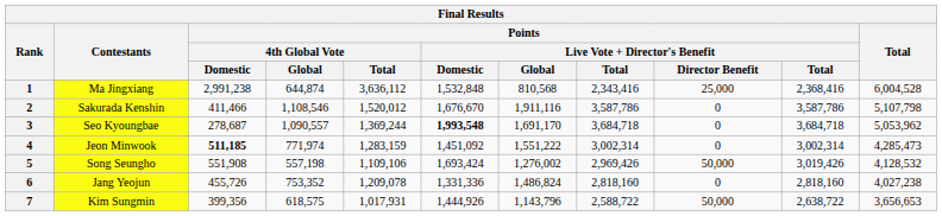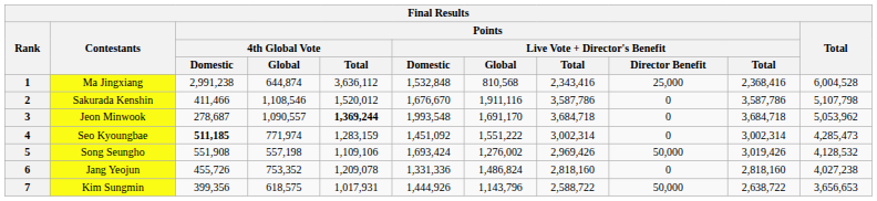 <table class="wikitable sortable mw-collapsible mw-collapsed collapsible" style="text-align:center; width:100%">
 <tr>
 <th colspan="11">Final Results</th>
 </tr>
 <tr>
 <th rowspan="3">Rank</th>
 <th rowspan="3">Contestants</th>
 <th colspan="8">Points</th>
 <th rowspan="3">Total</th>
 </tr>
 <tr>
 <th colspan="3">4th Global Vote</th>
 <th colspan="5">Live Vote + Director's Benefit</th>
 </tr>
 <tr>
 <th>Domestic</th>
 <th>Global</th>
 <th>Total</th>
 <th>Domestic</th>
 <th>Global</th>
 <th>Total</th>
 <th>Director Benefit</th>
 <th>Total</th>
 </tr>
 <tr>
 <th>1</th>
 <td style="background:#fafc15">Ma Jingxiang</td>
 <td>2,991,238</td>
 <td>644,874</td>
 <td>3,636,112</td>
 <td>1,532,848</td>
 <td>810,568</td>
 <td>2,343,416</td>
 <td>25,000</td>
 <td>2,368,416</td>
 <td>6,004,528</td>
 </tr>
 <tr>
 <th>2</th>
 <td style="background:#fafc15">Sakurada Kenshin</td>
 <td>411,466</td>
 <td>1,108,546</td>
 <td>1,520,012</td>
 <td>1,676,670</td>
 <td>1,911,116</td>
 <td>3,587,786</td>
 <td>0</td>
 <td>3,587,786</td>
 <td>5,107,798</td>
 </tr>
 <tr>
 <th>3</th>
-<td style="background:#fafc15">Seo Kyoungbae</td>
+<td style="background:#fafc15">Jeon Minwook</td>
 <td>278,687</td>
 <td>1,090,557</td>
-<td>1,369,244</td>
-<td><strong>1,993,548</strong></td>
+<td><strong>1,369,244</strong></td>
+<td>1,993,548</td>
 <td>1,691,170</td>
 <td>3,684,718</td>
 <td>0</td>
 <td>3,684,718</td>
 <td>5,053,962</td>
 </tr>
 <tr>
 <th>4</th>
-<td style="background:#fafc15">Jeon Minwook</td>
+<td style="background:#fafc15">Seo Kyoungbae</td>
 <td><strong>511,185</strong></td>
 <td>771,974</td>
 <td>1,283,159</td>
 <td>1,451,092</td>
 <td>1,551,222</td>
 <td>3,002,314</td>
 <td>0</td>
 <td>3,002,314</td>
 <td>4,285,473</td>
 </tr>
 <tr>
 <th>5</th>
 <td style="background:#fafc15">Song Seungho</td>
 <td>551,908</td>
 <td>557,198</td>
 <td>1,109,106</td>
 <td>1,693,424</td>
 <td>1,276,002</td>
 <td>2,969,426</td>
 <td>50,000</td>
 <td>3,019,426</td>
 <td>4,128,532</td>
 </tr>
 <tr>
 <th>6</th>
 <td style="background:#fafc15">Jang Yeojun</td>
 <td>455,726</td>
 <td>753,352</td>
 <td>1,209,078</td>
 <td>1,331,336</td>
 <td>1,486,824</td>
 <td>2,818,160</td>
 <td>0</td>
 <td>2,818,160</td>
 <td>4,027,238</td>
 </tr>
 <tr>
 <th>7</th>
 <td style="background:#fafc15">Kim Sungmin</td>
 <td>399,356</td>
 <td>618,575</td>
 <td>1,017,931</td>
 <td>1,444,926</td>
 <td>1,143,796</td>
 <td>2,588,722</td>
 <td>50,000</td>
 <td>2,638,722</td>
 <td>3,656,653</td>
 </tr>
 </table>
